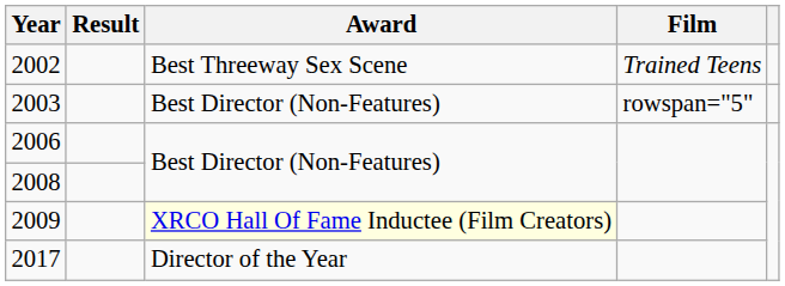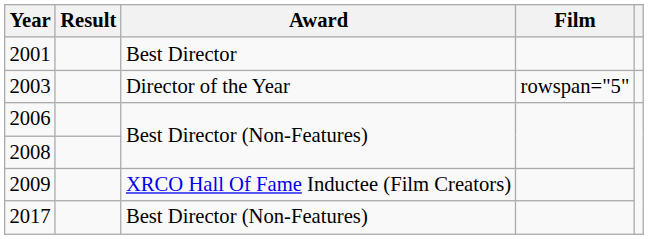 <table class="wikitable">
 <tr>
 <th>Year</th>
 <th>Result</th>
 <th>Award</th>
 <th>Film</th>
 <th></th>
 </tr>
 <tr>
-<td>2002</td>
+<td>2001</td>
 <td></td>
-<td>Best Threeway Sex Scene</td>
-<td><em>Trained Teens</em></td>
+<td>Best Director</td>
 <td></td>
+<td style="text-align:center;"></td>
 </tr>
 <tr>
 <td>2003</td>
 <td></td>
-<td>Best Director (Non-Features)</td>
+<td>Director of the Year</td>
 <td>rowspan="5" </td>
 <td style="text-align:center;"></td>
 </tr>
 <tr>
 <td>2006</td>
 <td></td>
 <td rowspan="2">Best Director (Non-Features)</td>
 <td rowspan="2"></td>
 </tr>
 <tr>
 <td>2008</td>
 <td></td>
 </tr>
 <tr>
 <td>2009</td>
 <td></td>
-<td style="background: lightyellow;"><a href='#'>XRCO Hall Of Fame</a> Inductee (Film Creators)</td>
+<td><a href='#'>XRCO Hall Of Fame</a> Inductee (Film Creators)</td>
 <td></td>
 </tr>
 <tr>
 <td>2017</td>
 <td></td>
-<td>Director of the Year</td>
+<td>Best Director (Non-Features)</td>
 <td style="text-align:center;"></td>
 </tr>
 </table>
